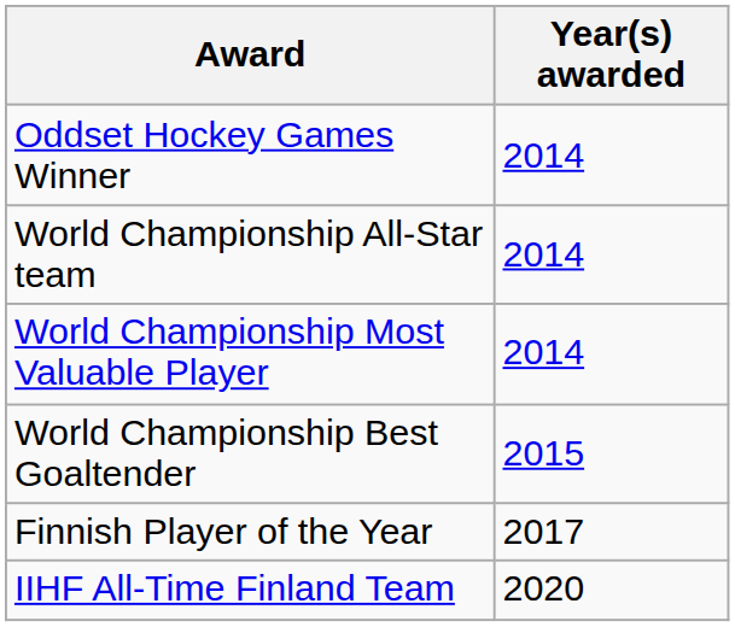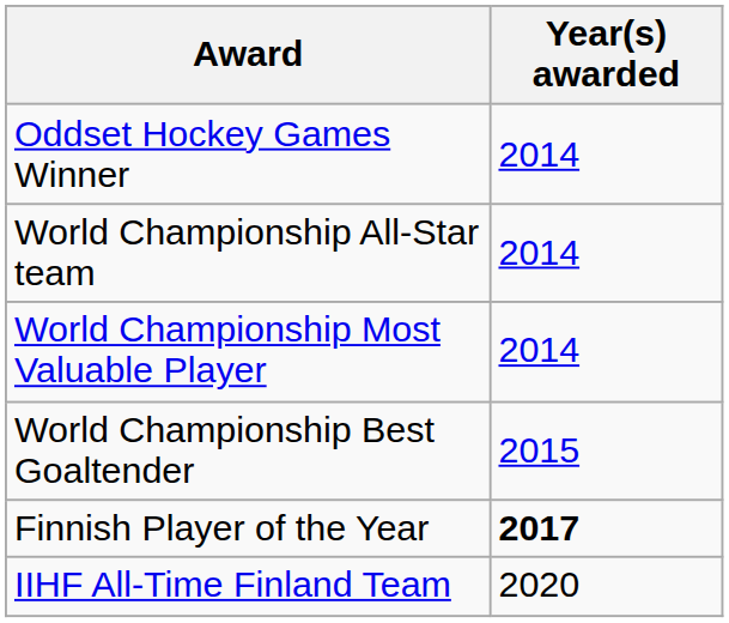 <table class="wikitable" style="width:25%;">
 <tr>
 <th>Award</th>
 <th>Year(s) awarded</th>
 </tr>
 <tr>
 <td><a href='#'>Oddset Hockey Games</a> Winner </td>
 <td><a href='#'>2014</a></td>
 </tr>
 <tr>
 <td>World Championship All-Star team</td>
 <td><a href='#'>2014</a></td>
 </tr>
 <tr>
 <td><a href='#'>World Championship Most Valuable Player</a></td>
 <td><a href='#'>2014</a></td>
 </tr>
 <tr>
 <td>World Championship Best Goaltender</td>
 <td><a href='#'>2015</a></td>
 </tr>
 <tr>
 <td>Finnish Player of the Year</td>
-<td>2017</td>
+<td><strong>2017</strong></td>
 </tr>
 <tr>
 <td><a href='#'>IIHF All-Time Finland Team</a></td>
 <td>2020</td>
 </tr>
 </table>
